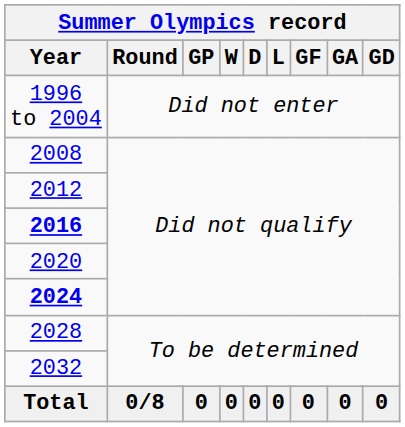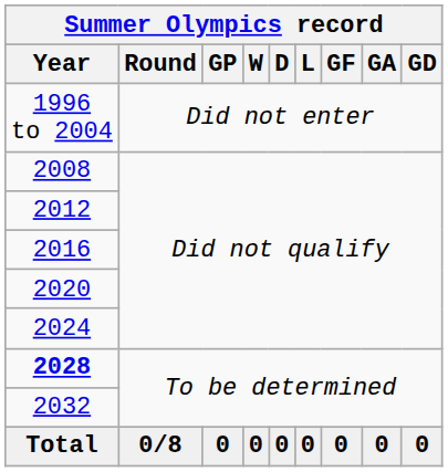 <table class="wikitable" style="text-align: center;">
 <tr>
 <th colspan=9><a href='#'>Summer Olympics</a> record</th>
 </tr>
 <tr>
 <th>Year</th>
 <th>Round</th>
 <th>GP</th>
 <th>W</th>
 <th>D</th>
 <th>L</th>
 <th>GF</th>
 <th>GA</th>
 <th>GD</th>
 </tr>
 <tr>
 <td> <a href='#'>1996</a><br>to  <a href='#'>2004</a></td>
 <td colspan=8><em>Did not enter</em></td>
 </tr>
 <tr>
 <td> <a href='#'>2008</a></td>
 <td colspan=8 rowspan=5><em>Did not qualify</em></td>
 </tr>
 <tr>
 <td> <a href='#'>2012</a></td>
 </tr>
 <tr>
-<td><strong> <a href='#'>2016</a></strong></td>
+<td> <a href='#'>2016</a></td>
 </tr>
 <tr>
 <td> <a href='#'>2020</a></td>
 </tr>
 <tr>
-<td><strong> <a href='#'>2024</a></strong></td>
+<td> <a href='#'>2024</a></td>
 </tr>
 <tr>
-<td> <a href='#'>2028</a></td>
+<td><strong> <a href='#'>2028</a></strong></td>
 <td colspan=8 rowspan=2><em>To be determined </em></td>
 </tr>
 <tr>
 <td> <a href='#'>2032</a></td>
 </tr>
 <tr style="background:#f0f0f0;font-weight:bold;">
 <td>Total</td>
 <td>0/8</td>
 <td>0</td>
 <td>0</td>
 <td>0</td>
 <td>0</td>
 <td>0</td>
 <td>0</td>
 <td>0</td>
 </tr>
 </table>
